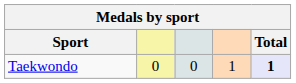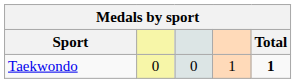 <table class="wikitable" style="font-size:90%; text-align:center;">
 <tr>
 <th colspan="5">Medals by sport</th>
 </tr>
 <tr>
 <th width="120">Sport</th>
 <th scope="col" width="30" style="background:#F7F6A8;"></th>
 <th scope="col" width="30" style="background:#DCE5E5;"></th>
 <th scope="col" width="30" style="background:#FFDAB9;"></th>
 <th width="30">Total</th>
 </tr>
 <tr>
 <td align="left"><a href='#'>Taekwondo</a></td>
 <td style="background:#F7F6A8;">0</td>
 <td style="background:#DCE5E5;">0</td>
 <td style="background:#FFDAB9;">1</td>
-<td style="background: lavender;"><strong>1</strong></td>
+<td><strong>1</strong></td>
 </tr>
 </table>
